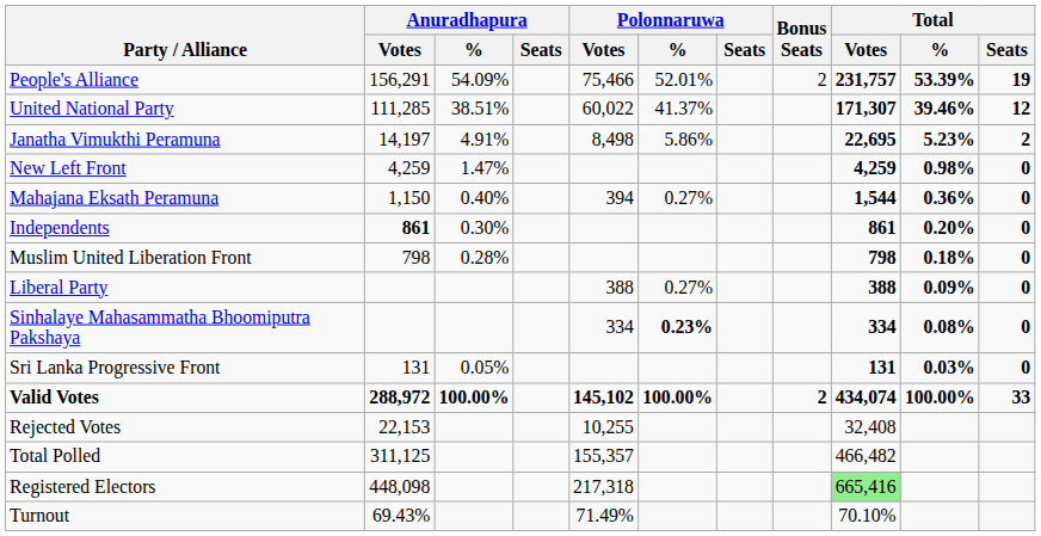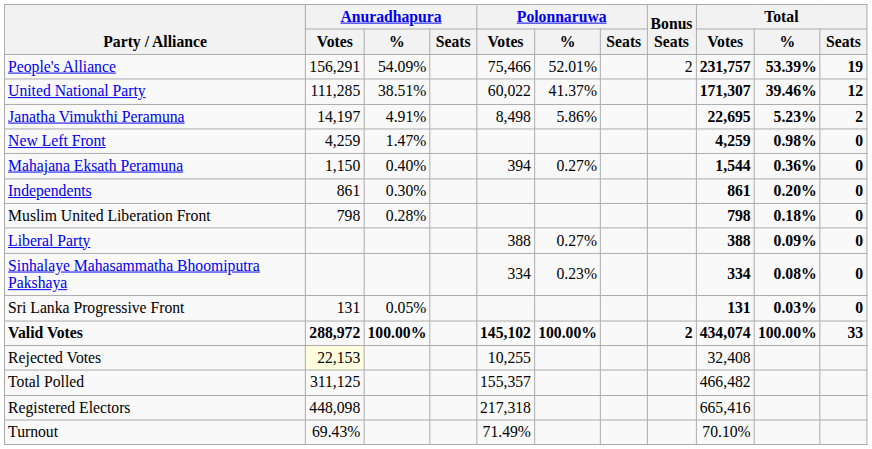 <table class="wikitable" border="1" style="text-align:right;">
 <tr>
 <th valign=bottom rowspan=2 width="300">Party / Alliance</th>
 <th colspan=3><a href='#'>Anuradhapura</a></th>
 <th colspan=3><a href='#'>Polonnaruwa</a></th>
 <th valign=bottom rowspan=2 width="40">Bonus<br>Seats</th>
 <th colspan=3>Total</th>
 </tr>
 <tr>
 <th align=center valign=bottom width="50">Votes</th>
 <th align=center valign=bottom width="50">%</th>
 <th align=center valign=bottom width="40">Seats</th>
 <th align=center valign=bottom width="50">Votes</th>
 <th align=center valign=bottom width="50">%</th>
 <th align=center valign=bottom width="40">Seats</th>
 <th align=center valign=bottom width="50">Votes</th>
 <th align=center valign=bottom width="50">%</th>
 <th align=center valign=bottom width="40">Seats</th>
 </tr>
 <tr>
 <td align=left><a href='#'>People's Alliance</a></td>
 <td>156,291</td>
 <td>54.09%</td>
 <td></td>
 <td>75,466</td>
 <td>52.01%</td>
 <td></td>
 <td>2</td>
 <td><strong>231,757</strong></td>
 <td><strong>53.39%</strong></td>
 <td><strong>19</strong></td>
 </tr>
 <tr>
 <td align=left><a href='#'>United National Party</a></td>
 <td>111,285</td>
 <td>38.51%</td>
 <td></td>
 <td>60,022</td>
 <td>41.37%</td>
 <td></td>
 <td></td>
 <td><strong>171,307</strong></td>
 <td><strong>39.46%</strong></td>
 <td><strong>12</strong></td>
 </tr>
 <tr>
 <td align=left><a href='#'>Janatha Vimukthi Peramuna</a></td>
 <td>14,197</td>
 <td>4.91%</td>
 <td></td>
 <td>8,498</td>
 <td>5.86%</td>
 <td></td>
 <td></td>
 <td><strong>22,695</strong></td>
 <td><strong>5.23%</strong></td>
 <td><strong>2</strong></td>
 </tr>
 <tr>
 <td align=left><a href='#'>New Left Front</a></td>
 <td>4,259</td>
 <td>1.47%</td>
 <td></td>
 <td></td>
 <td></td>
 <td></td>
 <td></td>
 <td><strong>4,259</strong></td>
 <td><strong>0.98%</strong></td>
 <td><strong>0</strong></td>
 </tr>
 <tr>
 <td align=left><a href='#'>Mahajana Eksath Peramuna</a></td>
 <td>1,150</td>
 <td>0.40%</td>
 <td></td>
 <td>394</td>
 <td>0.27%</td>
 <td></td>
 <td></td>
 <td><strong>1,544</strong></td>
 <td><strong>0.36%</strong></td>
 <td><strong>0</strong></td>
 </tr>
 <tr>
 <td align=left><a href='#'>Independents</a></td>
-<td><strong>861</strong></td>
+<td>861</td>
 <td>0.30%</td>
 <td></td>
 <td></td>
 <td></td>
 <td></td>
 <td></td>
 <td><strong>861</strong></td>
 <td><strong>0.20%</strong></td>
 <td><strong>0</strong></td>
 </tr>
 <tr>
 <td align=left>Muslim United Liberation Front</td>
 <td>798</td>
 <td>0.28%</td>
 <td></td>
 <td></td>
 <td></td>
 <td></td>
 <td></td>
 <td><strong>798</strong></td>
 <td><strong>0.18%</strong></td>
 <td><strong>0</strong></td>
 </tr>
 <tr>
 <td align=left><a href='#'>Liberal Party</a></td>
 <td></td>
 <td></td>
 <td></td>
 <td>388</td>
 <td>0.27%</td>
 <td></td>
 <td></td>
 <td><strong>388</strong></td>
 <td><strong>0.09%</strong></td>
 <td><strong>0</strong></td>
 </tr>
 <tr>
 <td align=left><a href='#'>Sinhalaye Mahasammatha Bhoomiputra Pakshaya</a></td>
 <td></td>
 <td></td>
 <td></td>
 <td>334</td>
-<td><strong>0.23%</strong></td>
+<td>0.23%</td>
 <td></td>
 <td></td>
 <td><strong>334</strong></td>
 <td><strong>0.08%</strong></td>
 <td><strong>0</strong></td>
 </tr>
 <tr>
 <td align=left>Sri Lanka Progressive Front</td>
 <td>131</td>
 <td>0.05%</td>
 <td></td>
 <td></td>
 <td></td>
 <td></td>
 <td></td>
 <td><strong>131</strong></td>
 <td><strong>0.03%</strong></td>
 <td><strong>0</strong></td>
 </tr>
 <tr>
 <td align=left><strong>Valid Votes</strong></td>
 <td><strong>288,972</strong></td>
 <td><strong>100.00%</strong></td>
 <td></td>
 <td><strong>145,102</strong></td>
 <td><strong>100.00%</strong></td>
 <td></td>
 <td><strong>2</strong></td>
 <td><strong>434,074</strong></td>
 <td><strong>100.00%</strong></td>
 <td><strong>33</strong></td>
 </tr>
 <tr>
 <td align=left>Rejected Votes</td>
-<td>22,153</td>
+<td style="background: lightyellow;">22,153</td>
 <td></td>
 <td></td>
 <td>10,255</td>
 <td></td>
 <td></td>
 <td></td>
 <td>32,408</td>
 <td></td>
 <td></td>
 </tr>
 <tr>
 <td align=left>Total Polled</td>
 <td>311,125</td>
 <td></td>
 <td></td>
 <td>155,357</td>
 <td></td>
 <td></td>
 <td></td>
 <td>466,482</td>
 <td></td>
 <td></td>
 </tr>
 <tr>
 <td align=left>Registered Electors</td>
 <td>448,098</td>
 <td></td>
 <td></td>
 <td>217,318</td>
 <td></td>
 <td></td>
 <td></td>
-<td style="background: lightgreen;">665,416</td>
+<td>665,416</td>
 <td></td>
 <td></td>
 </tr>
 <tr>
 <td align=left>Turnout</td>
 <td>69.43%</td>
 <td></td>
 <td></td>
 <td>71.49%</td>
 <td></td>
 <td></td>
 <td></td>
 <td>70.10%</td>
 <td></td>
 <td></td>
 </tr>
 </table>
